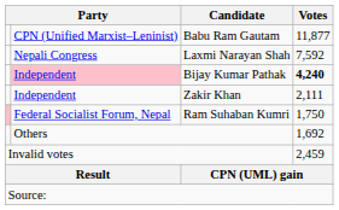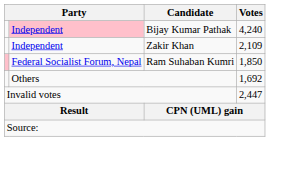 <table class="wikitable">
 <tr>
 <th colspan="2">Party</th>
 <th>Candidate</th>
 <th>Votes</th>
 </tr>
 <tr>
 <td style="background-color:"></td>
-<td><a href='#'>CPN (Unified Marxist–Leninist)</a></td>
-<td>Babu Ram Gautam</td>
-<td>11,877</td>
-</tr>
-<tr>
-<td style="background-color:"></td>
-<td><a href='#'>Nepali Congress</a></td>
-<td>Laxmi Narayan Shah</td>
-<td>7,592</td>
-</tr>
-<tr>
-<td style="background-color:"></td>
 <td style="background: pink;"><a href='#'>Independent</a></td>
 <td>Bijay Kumar Pathak</td>
-<td><strong>4,240</strong></td>
+<td>4,240</td>
 </tr>
 <tr>
 <td style="background-color:"></td>
 <td><a href='#'>Independent</a></td>
 <td>Zakir Khan</td>
-<td>2,111</td>
+<td>2,109</td>
 </tr>
 <tr>
 <td style="background-color:pink"></td>
 <td><a href='#'>Federal Socialist Forum, Nepal</a></td>
 <td>Ram Suhaban Kumri</td>
-<td>1,750</td>
+<td>1,850</td>
 </tr>
 <tr>
 <td></td>
 <td colspan="2">Others</td>
 <td>1,692</td>
 </tr>
 <tr>
 <td colspan="3">Invalid votes</td>
-<td>2,459</td>
+<td>2,447</td>
 </tr>
 <tr>
 <th colspan="2">Result</th>
 <th colspan="2">CPN (UML) gain</th>
 </tr>
 <tr>
 <td colspan="4">Source: </td>
 </tr>
 </table>
